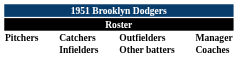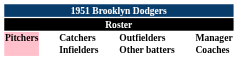 <table class="toccolours" style="font-size: 95%;">
 <tr>
 <th colspan="10" style="background-color: #083c6b; color: white; text-align: center;">1951 Brooklyn Dodgers</th>
 </tr>
 <tr>
 <td colspan="10" style="background-color: black; color: white; text-align: center;"><strong>Roster</strong></td>
 </tr>
 <tr>
-<td valign="top"><strong>Pitchers</strong><br>                </td>
+<td valign="top" style="background: pink;"><strong>Pitchers</strong><br>                </td>
 <td width="25px"></td>
 <td valign="top"><strong>Catchers</strong><br>    <strong>Infielders</strong>       </td>
 <td width="25px"></td>
 <td valign="top"><strong>Outfielders</strong><br>         <strong>Other batters</strong>  </td>
 <td width="25px"></td>
 <td valign="top"><strong>Manager</strong><br> <strong>Coaches</strong>   </td>
 </tr>
 </table>
